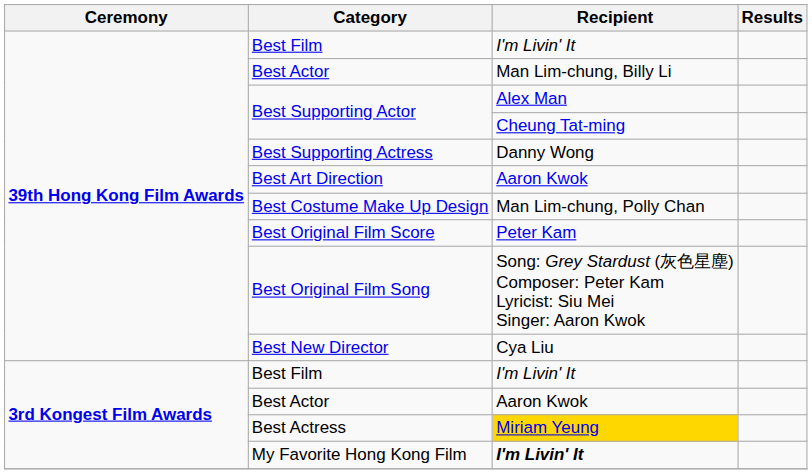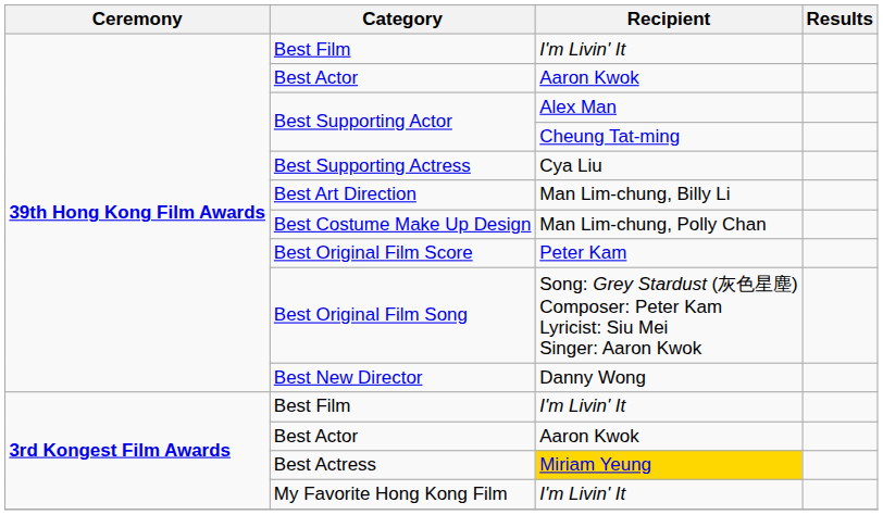 <table class="wikitable">
 <tr>
 <th>Ceremony</th>
 <th>Category</th>
 <th>Recipient</th>
 <th>Results</th>
 </tr>
 <tr>
 <td rowspan=10><strong><a href='#'>39th Hong Kong Film Awards</a></strong></td>
 <td><a href='#'>Best Film</a></td>
 <td><em>I'm Livin' It</em></td>
 <td></td>
 </tr>
 <tr>
 <td><a href='#'>Best Actor</a></td>
-<td>Man Lim-chung, Billy Li</td>
+<td><a href='#'>Aaron Kwok</a></td>
 <td></td>
 </tr>
 <tr>
 <td rowspan=2><a href='#'>Best Supporting Actor</a></td>
 <td><a href='#'>Alex Man</a></td>
 <td></td>
 </tr>
 <tr>
 <td><a href='#'>Cheung Tat-ming</a></td>
 <td></td>
 </tr>
 <tr>
 <td><a href='#'>Best Supporting Actress</a></td>
-<td>Danny Wong</td>
+<td>Cya Liu</td>
 <td></td>
 </tr>
 <tr>
 <td><a href='#'>Best Art Direction</a></td>
-<td><a href='#'>Aaron Kwok</a></td>
+<td>Man Lim-chung, Billy Li</td>
 <td></td>
 </tr>
 <tr>
 <td><a href='#'>Best Costume Make Up Design</a></td>
 <td>Man Lim-chung, Polly Chan</td>
 <td></td>
 </tr>
 <tr>
 <td><a href='#'>Best Original Film Score</a></td>
 <td><a href='#'>Peter Kam</a></td>
 <td></td>
 </tr>
 <tr>
 <td><a href='#'>Best Original Film Song</a></td>
 <td>Song: <em>Grey Stardust</em> (灰色星塵)<br>Composer: Peter Kam <br>Lyricist: Siu Mei <br>Singer: Aaron Kwok</td>
 <td></td>
 </tr>
 <tr>
 <td><a href='#'>Best New Director</a></td>
-<td>Cya Liu</td>
+<td>Danny Wong</td>
 <td></td>
 </tr>
 <tr>
 <td rowspan=4><strong><a href='#'>3rd Kongest Film Awards</a></strong></td>
 <td>Best Film</td>
 <td><em>I'm Livin' It</em></td>
 <td></td>
 </tr>
 <tr>
 <td>Best Actor</td>
 <td>Aaron Kwok</td>
 <td></td>
 </tr>
 <tr>
 <td>Best Actress</td>
 <td style="background: gold;"><a href='#'>Miriam Yeung</a></td>
 <td></td>
 </tr>
 <tr>
 <td>My Favorite Hong Kong Film</td>
-<td><strong><em>I'm Livin' It</em></strong></td>
+<td><em>I'm Livin' It</em></td>
 <td></td>
 </tr>
 <tr>
 </tr>
 </table>
